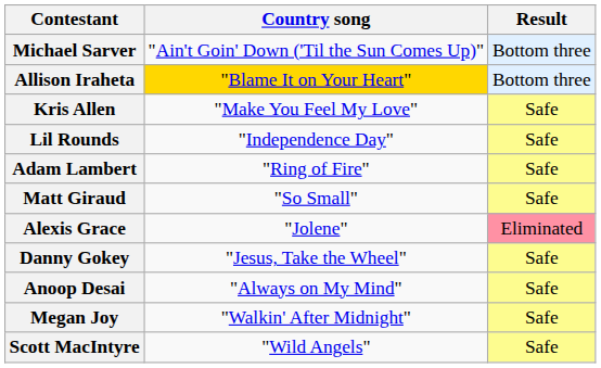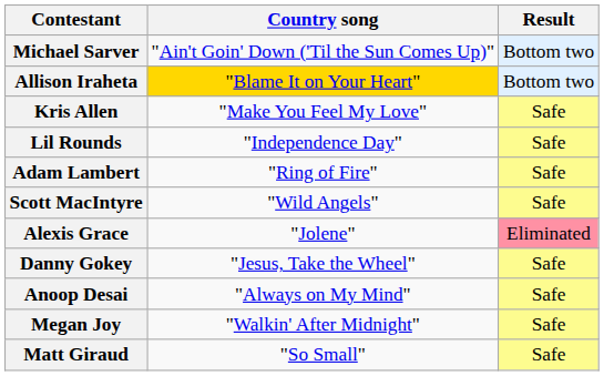 <table class="wikitable unsortable" style="text-align:center;">
 <tr>
 <th scope="col">Contestant</th>
 <th scope="col"><a href='#'>Country</a> song</th>
 <th scope="col">Result</th>
 </tr>
 <tr>
 <th scope="row">Michael Sarver</th>
 <td>"<a href='#'>Ain't Goin' Down ('Til the Sun Comes Up)</a>"</td>
-<td bgcolor="E0F0FF">Bottom three</td>
+<td bgcolor="E0F0FF">Bottom two</td>
 </tr>
 <tr>
 <th scope="row">Allison Iraheta</th>
 <td style="background: gold;">"<a href='#'>Blame It on Your Heart</a>"</td>
-<td bgcolor="E0F0FF">Bottom three</td>
+<td bgcolor="E0F0FF">Bottom two</td>
 </tr>
 <tr>
 <th scope="row">Kris Allen</th>
 <td>"<a href='#'>Make You Feel My Love</a>"</td>
 <td style="background:#FDFC8F">Safe</td>
 </tr>
 <tr>
 <th scope="row">Lil Rounds</th>
 <td>"<a href='#'>Independence Day</a>"</td>
 <td style="background:#FDFC8F">Safe</td>
 </tr>
 <tr>
 <th scope="row">Adam Lambert</th>
 <td>"<a href='#'>Ring of Fire</a>"</td>
 <td style="background:#FDFC8F">Safe</td>
 </tr>
 <tr>
-<th scope="row">Matt Giraud</th>
-<td>"<a href='#'>So Small</a>"</td>
+<th scope="row">Scott MacIntyre</th>
+<td>"<a href='#'>Wild Angels</a>"</td>
 <td style="background:#FDFC8F">Safe</td>
 </tr>
 <tr>
 <th scope="row">Alexis Grace</th>
 <td>"<a href='#'>Jolene</a>"</td>
 <td bgcolor="FF91A4">Eliminated</td>
 </tr>
 <tr>
 <th scope="row">Danny Gokey</th>
 <td>"<a href='#'>Jesus, Take the Wheel</a>"</td>
 <td style="background:#FDFC8F">Safe</td>
 </tr>
 <tr>
 <th scope="row">Anoop Desai</th>
 <td>"<a href='#'>Always on My Mind</a>"</td>
 <td style="background:#FDFC8F">Safe</td>
 </tr>
 <tr>
 <th scope="row">Megan Joy</th>
 <td>"<a href='#'>Walkin' After Midnight</a>"</td>
 <td style="background:#FDFC8F">Safe</td>
 </tr>
 <tr>
-<th scope="row">Scott MacIntyre</th>
-<td>"<a href='#'>Wild Angels</a>"</td>
+<th scope="row">Matt Giraud</th>
+<td>"<a href='#'>So Small</a>"</td>
 <td style="background:#FDFC8F">Safe</td>
 </tr>
 </table>
